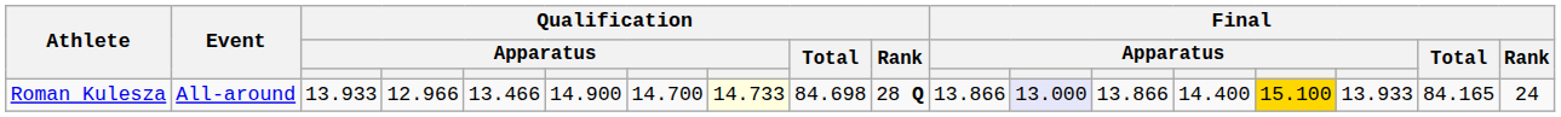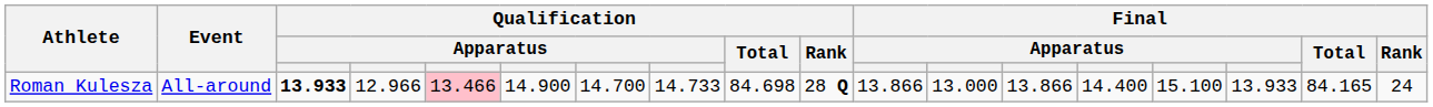 <table class="wikitable" style="font-size:90%">
 <tr>
 <th rowspan=3>Athlete</th>
 <th rowspan=3>Event</th>
 <th colspan =8>Qualification</th>
 <th colspan =8>Final</th>
 </tr>
 <tr style="font-size:95%">
 <th colspan=6>Apparatus</th>
 <th rowspan=2>Total</th>
 <th rowspan=2>Rank</th>
 <th colspan=6>Apparatus</th>
 <th rowspan=2>Total</th>
 <th rowspan=2>Rank</th>
 </tr>
 <tr style="font-size:95%">
 <th></th>
 <th></th>
 <th></th>
 <th></th>
 <th></th>
 <th></th>
 <th></th>
 <th></th>
 <th></th>
 <th></th>
 <th></th>
 <th></th>
 </tr>
 <tr align=center>
 <td align=left><a href='#'>Roman Kulesza</a></td>
 <td align=left><a href='#'>All-around</a></td>
-<td>13.933</td>
+<td><strong>13.933</strong></td>
 <td>12.966</td>
-<td>13.466</td>
+<td style="background: pink;">13.466</td>
 <td>14.900</td>
 <td>14.700</td>
-<td style="background: lightyellow;">14.733</td>
+<td>14.733</td>
 <td>84.698</td>
 <td>28 <strong>Q</strong></td>
 <td>13.866</td>
-<td style="background: lavender;">13.000</td>
+<td>13.000</td>
 <td>13.866</td>
 <td>14.400</td>
-<td style="background: gold;">15.100</td>
+<td>15.100</td>
 <td>13.933</td>
 <td>84.165</td>
 <td>24</td>
 </tr>
 </table>
